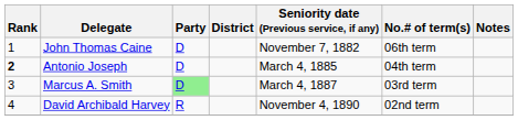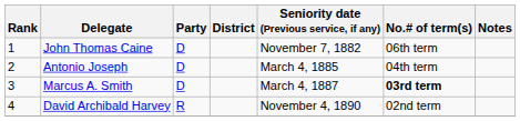 <table class="wikitable sortable">
 <tr valign=bottom>
 <th>Rank</th>
 <th>Delegate</th>
 <th>Party</th>
 <th>District</th>
 <th>Seniority date<br><small>(Previous service, if any)</small><br></th>
 <th>No.# of term(s)</th>
 <th>Notes</th>
 </tr>
 <tr>
 <td>1</td>
 <td><a href='#'>John Thomas Caine</a></td>
 <td><a href='#'>D</a></td>
 <td></td>
 <td>November 7, 1882</td>
 <td>06th term</td>
 <td></td>
 </tr>
 <tr>
-<td><strong>2</strong></td>
+<td>2</td>
 <td><a href='#'>Antonio Joseph</a></td>
 <td><a href='#'>D</a></td>
 <td></td>
 <td>March 4, 1885</td>
 <td>04th term</td>
 <td></td>
 </tr>
 <tr>
 <td>3</td>
 <td><a href='#'>Marcus A. Smith</a></td>
-<td style="background: lightgreen;"><a href='#'>D</a></td>
+<td><a href='#'>D</a></td>
 <td></td>
 <td>March 4, 1887</td>
-<td>03rd term</td>
+<td><strong>03rd term</strong></td>
 <td></td>
 </tr>
 <tr>
 <td>4</td>
 <td><a href='#'>David Archibald Harvey</a></td>
 <td><a href='#'>R</a></td>
 <td></td>
 <td>November 4, 1890</td>
 <td>02nd term</td>
 <td></td>
 </tr>
 <tr>
 </tr>
 </table>
